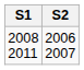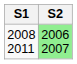 <table class="wikitable">
 <tr>
 <th>S1</th>
 <th>S2</th>
 </tr>
 <tr>
 <td>2008<br>2011</td>
-<td>2006<br>2007</td>
+<td style="background: lightgreen;">2006<br>2007</td>
 </tr>
 </table>
